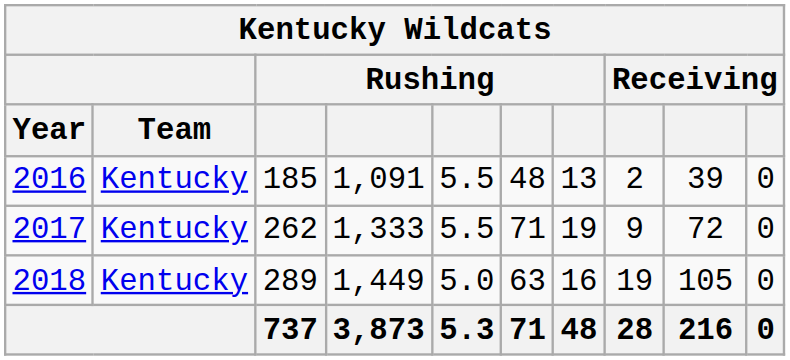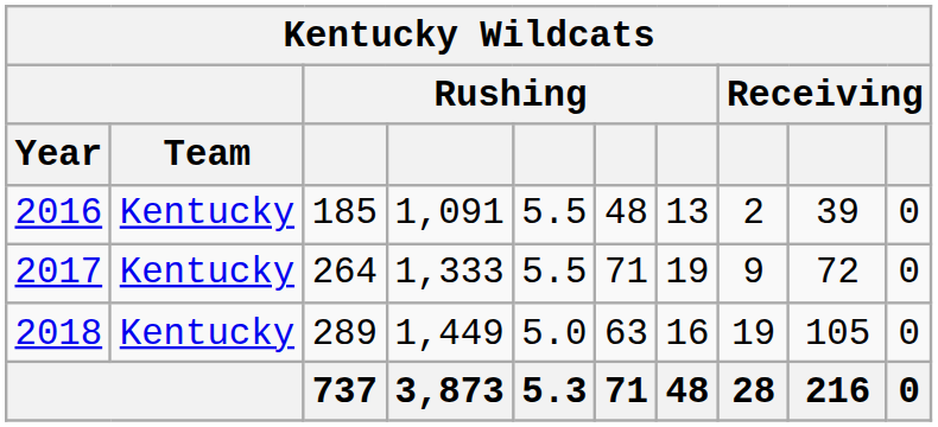 <table class="wikitable sortable" style="text-align:center;">
 <tr>
 <th colspan="16">Kentucky Wildcats</th>
 </tr>
 <tr>
 <th colspan="2"></th>
 <th colspan="5">Rushing</th>
 <th colspan="3">Receiving</th>
 </tr>
 <tr>
 <th>Year</th>
 <th>Team</th>
 <th></th>
 <th></th>
 <th></th>
 <th></th>
 <th></th>
 <th></th>
 <th></th>
 <th></th>
 </tr>
 <tr>
 <td><a href='#'>2016</a></td>
 <td><a href='#'>Kentucky</a></td>
 <td>185</td>
 <td>1,091</td>
 <td>5.5</td>
 <td>48</td>
 <td>13</td>
 <td>2</td>
 <td>39</td>
 <td>0</td>
 </tr>
 <tr>
 <td><a href='#'>2017</a></td>
 <td><a href='#'>Kentucky</a></td>
-<td>262</td>
+<td>264</td>
 <td>1,333</td>
 <td>5.5</td>
 <td>71</td>
 <td>19</td>
 <td>9</td>
 <td>72</td>
 <td>0</td>
 </tr>
 <tr>
 <td><a href='#'>2018</a></td>
 <td><a href='#'>Kentucky</a></td>
 <td>289</td>
 <td>1,449</td>
 <td>5.0</td>
 <td>63</td>
 <td>16</td>
 <td>19</td>
 <td>105</td>
 <td 0>0</td>
 </tr>
 <tr>
 <th colspan=2></th>
 <th>737</th>
 <th>3,873</th>
 <th>5.3</th>
 <th>71</th>
 <th>48</th>
 <th>28</th>
 <th>216</th>
 <th>0</th>
 </tr>
 </table>
